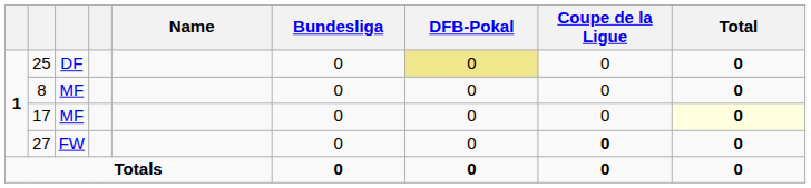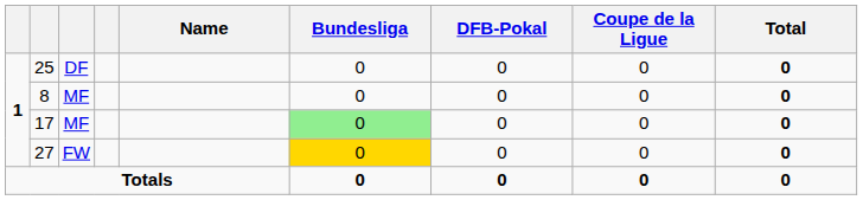 <table class="wikitable" style="text-align:center">
 <tr>
 <th width=15></th>
 <th width=15></th>
 <th width=15></th>
 <th width=15></th>
 <th width=145>Name</th>
 <th width=120><a href='#'>Bundesliga</a></th>
 <th width=120><a href='#'>DFB-Pokal</a></th>
 <th width=120><a href='#'>Coupe de la Ligue</a></th>
 <th width=120>Total</th>
 </tr>
 <tr>
 <td rowspan=4><strong>1</strong></td>
 <td>25</td>
 <td><a href='#'>DF</a></td>
 <td></td>
 <td align=left><a href='#'></a></td>
 <td>0</td>
-<td style="background: khaki;">0</td>
+<td>0</td>
 <td>0</td>
 <td><strong>0</strong></td>
 </tr>
 <tr>
 <td>8</td>
 <td><a href='#'>MF</a></td>
 <td></td>
 <td align=left><a href='#'></a></td>
 <td>0</td>
 <td>0</td>
 <td>0</td>
 <td><strong>0</strong></td>
 </tr>
 <tr>
 <td>17</td>
 <td><a href='#'>MF</a></td>
 <td></td>
 <td align=left><a href='#'></a></td>
+<td style="background: lightgreen;">0</td>
 <td>0</td>
 <td>0</td>
-<td>0</td>
-<td style="background: lightyellow;"><strong>0</strong></td>
+<td><strong>0</strong></td>
 </tr>
 <tr>
 <td>27</td>
 <td><a href='#'>FW</a></td>
 <td></td>
 <td align=left><a href='#'></a></td>
+<td style="background: gold;">0</td>
 <td>0</td>
 <td>0</td>
-<td><strong>0</strong></td>
 <td><strong>0</strong></td>
 </tr>
 <tr>
 <td colspan=5><strong>Totals</strong></td>
 <td><strong>0</strong></td>
 <td><strong>0</strong></td>
 <td><strong>0</strong></td>
 <td><strong>0</strong></td>
 </tr>
 </table>
